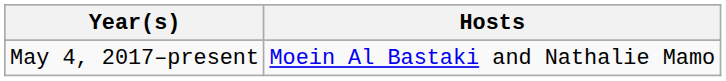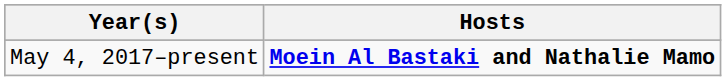 <table class="wikitable">
 <tr>
 <th>Year(s)</th>
 <th>Hosts</th>
 </tr>
 <tr>
 <td>May 4, 2017–present</td>
-<td><a href='#'>Moein Al Bastaki</a> and Nathalie Mamo</td>
+<td><strong><a href='#'>Moein Al Bastaki</a> and Nathalie Mamo</strong></td>
 </tr>
 </table>
